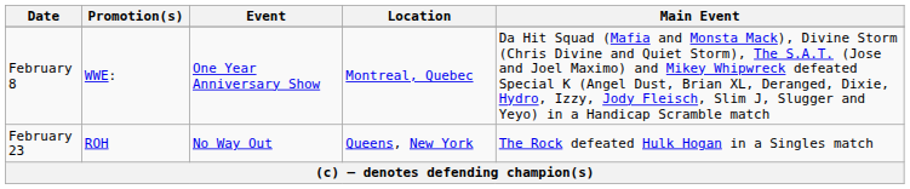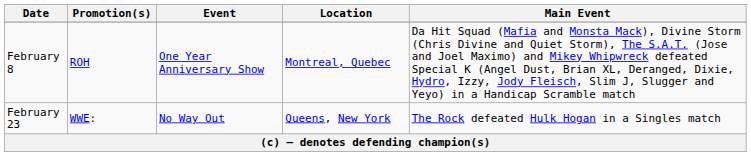 <table class="wikitable" style="width:100%;">
 <tr>
 <th width="5%">Date</th>
 <th width="5%">Promotion(s)</th>
 <th style="width:15%;">Event</th>
 <th style="width:15%;">Location</th>
 <th style="width:40%;">Main Event</th>
 </tr>
 <tr style="width:20%;" |Notes>
 </tr>
 <tr>
 <td>February 8</td>
-<td><a href='#'>WWE</a>:<br></td>
+<td><a href='#'>ROH</a></td>
 <td><a href='#'>One Year Anniversary Show</a></td>
 <td><a href='#'>Montreal, Quebec</a></td>
 <td>Da Hit Squad (<a href='#'>Mafia</a> and <a href='#'>Monsta Mack</a>), Divine Storm (Chris Divine and Quiet Storm), <a href='#'>The S.A.T.</a> (Jose and Joel Maximo) and <a href='#'>Mikey Whipwreck</a> defeated Special K (Angel Dust, Brian XL, Deranged, Dixie, <a href='#'>Hydro</a>, Izzy, <a href='#'>Jody Fleisch</a>, Slim J, Slugger and Yeyo) in a Handicap Scramble match</td>
 </tr>
 <tr>
 <td>February 23</td>
-<td><a href='#'>ROH</a></td>
+<td><a href='#'>WWE</a>:<br></td>
 <td><a href='#'>No Way Out</a></td>
 <td><a href='#'>Queens</a>, <a href='#'>New York</a></td>
 <td><a href='#'>The Rock</a> defeated <a href='#'>Hulk Hogan</a> in a Singles match</td>
 </tr>
 <tr>
 <th colspan="6">(c) – denotes defending champion(s)</th>
 </tr>
 </table>
